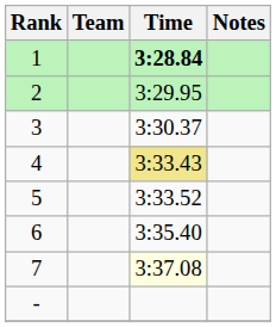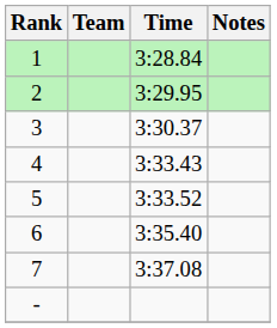 <table class="wikitable sortable collapsible" style="text-align:center">
 <tr>
 <th>Rank</th>
 <th>Team</th>
 <th>Time</th>
 <th>Notes</th>
 </tr>
 <tr bgcolor=bbf3bb>
 <td>1</td>
 <td></td>
-<td><strong>3:28.84</strong></td>
+<td>3:28.84</td>
 <td></td>
 </tr>
 <tr bgcolor=bbf3bb>
 <td>2</td>
 <td></td>
 <td>3:29.95</td>
 <td></td>
 </tr>
 <tr>
 <td>3</td>
 <td></td>
 <td>3:30.37</td>
 <td></td>
 </tr>
 <tr>
 <td>4</td>
 <td></td>
-<td style="background: khaki;">3:33.43</td>
+<td>3:33.43</td>
 <td></td>
 </tr>
 <tr>
 <td>5</td>
 <td></td>
 <td>3:33.52</td>
 <td></td>
 </tr>
 <tr>
 <td>6</td>
 <td></td>
 <td>3:35.40</td>
 <td></td>
 </tr>
 <tr>
 <td>7</td>
 <td></td>
-<td style="background: lightyellow;">3:37.08</td>
+<td>3:37.08</td>
 <td></td>
 </tr>
 <tr>
 <td>-</td>
 <td></td>
 <td></td>
 <td></td>
 </tr>
 <tr>
 </tr>
 </table>
